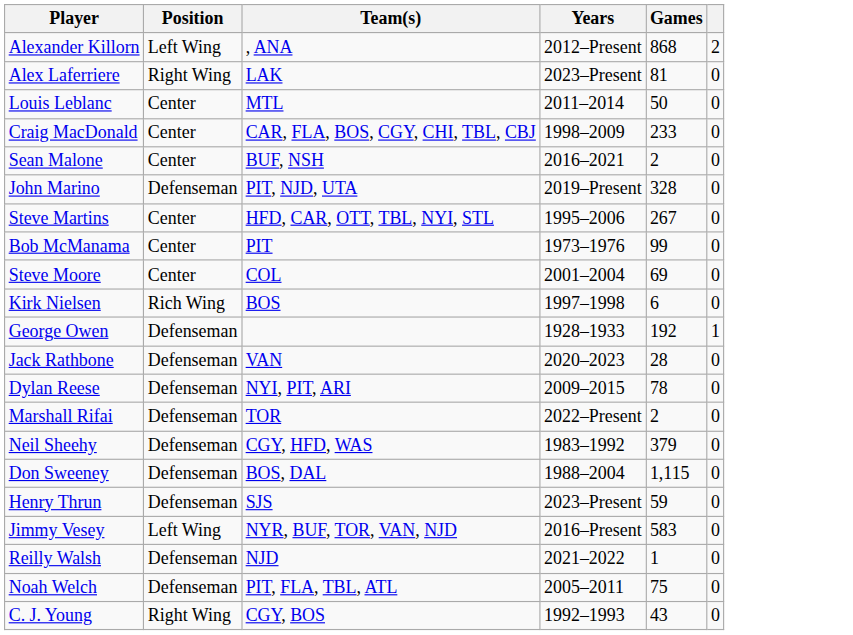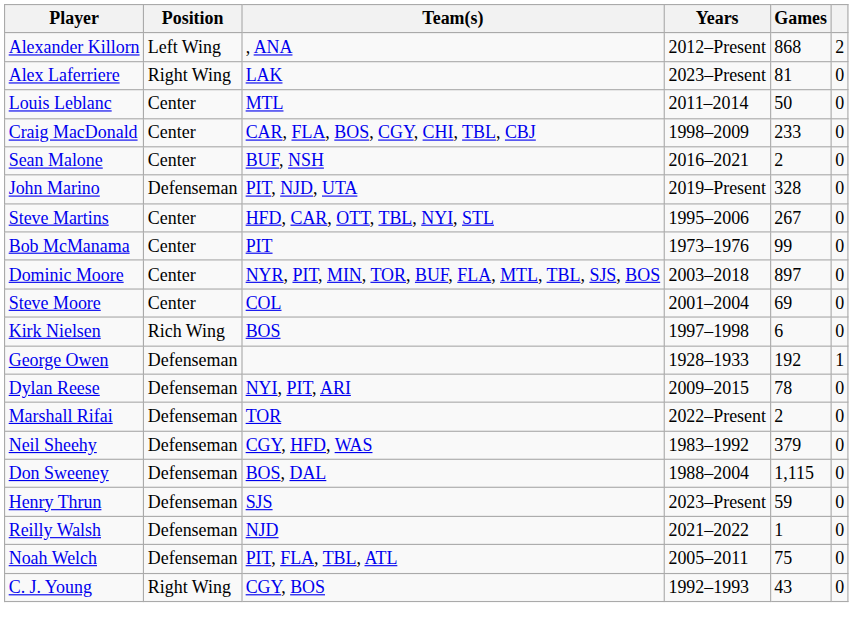 <table class="wikitable">
 <tr>
 <th>Player</th>
 <th>Position</th>
 <th>Team(s)</th>
 <th>Years</th>
 <th>Games</th>
 <th><a href='#'></a></th>
 </tr>
 <tr>
 <td><a href='#'>Alexander Killorn</a></td>
 <td>Left Wing</td>
 <td><span><strong></strong></span>, <a href='#'>ANA</a></td>
 <td>2012–Present</td>
 <td>868</td>
 <td>2</td>
 </tr>
 <tr>
 <td><a href='#'>Alex Laferriere</a></td>
 <td>Right Wing</td>
 <td><a href='#'>LAK</a></td>
 <td>2023–Present</td>
 <td>81</td>
 <td>0</td>
 </tr>
 <tr>
 <td><a href='#'>Louis Leblanc</a></td>
 <td>Center</td>
 <td><a href='#'>MTL</a></td>
 <td>2011–2014</td>
 <td>50</td>
 <td>0</td>
 </tr>
 <tr>
 <td><a href='#'>Craig MacDonald</a></td>
 <td>Center</td>
 <td><a href='#'>CAR</a>, <a href='#'>FLA</a>, <a href='#'>BOS</a>, <a href='#'>CGY</a>, <a href='#'>CHI</a>, <a href='#'>TBL</a>, <a href='#'>CBJ</a></td>
 <td>1998–2009</td>
 <td>233</td>
 <td>0</td>
 </tr>
 <tr>
 <td><a href='#'>Sean Malone</a></td>
 <td>Center</td>
 <td><a href='#'>BUF</a>, <a href='#'>NSH</a></td>
 <td>2016–2021</td>
 <td>2</td>
 <td>0</td>
 </tr>
 <tr>
 <td><a href='#'>John Marino</a></td>
 <td>Defenseman</td>
 <td><a href='#'>PIT</a>, <a href='#'>NJD</a>, <a href='#'>UTA</a></td>
 <td>2019–Present</td>
 <td>328</td>
 <td>0</td>
 </tr>
 <tr>
 <td><a href='#'>Steve Martins</a></td>
 <td>Center</td>
 <td><a href='#'>HFD</a>, <a href='#'>CAR</a>, <a href='#'>OTT</a>, <a href='#'>TBL</a>, <a href='#'>NYI</a>, <a href='#'>STL</a></td>
 <td>1995–2006</td>
 <td>267</td>
 <td>0</td>
 </tr>
 <tr>
 <td><a href='#'>Bob McManama</a></td>
 <td>Center</td>
 <td><a href='#'>PIT</a></td>
 <td>1973–1976</td>
 <td>99</td>
 <td>0</td>
 </tr>
 <tr>
+<td><a href='#'>Dominic Moore</a></td>
+<td>Center</td>
+<td><a href='#'>NYR</a>, <a href='#'>PIT</a>, <a href='#'>MIN</a>, <a href='#'>TOR</a>, <a href='#'>BUF</a>, <a href='#'>FLA</a>, <a href='#'>MTL</a>, <a href='#'>TBL</a>, <a href='#'>SJS</a>, <a href='#'>BOS</a></td>
+<td>2003–2018</td>
+<td>897</td>
+<td>0</td>
+</tr>
+<tr>
 <td><a href='#'>Steve Moore</a></td>
 <td>Center</td>
 <td><a href='#'>COL</a></td>
 <td>2001–2004</td>
 <td>69</td>
 <td>0</td>
 </tr>
 <tr>
 <td><a href='#'>Kirk Nielsen</a></td>
 <td>Rich Wing</td>
 <td><a href='#'>BOS</a></td>
 <td>1997–1998</td>
 <td>6</td>
 <td>0</td>
 </tr>
 <tr>
 <td><a href='#'>George Owen</a></td>
 <td>Defenseman</td>
 <td><span><strong></strong></span></td>
 <td>1928–1933</td>
 <td>192</td>
 <td>1</td>
-</tr>
-<tr>
-<td><a href='#'>Jack Rathbone</a></td>
-<td>Defenseman</td>
-<td><a href='#'>VAN</a></td>
-<td>2020–2023</td>
-<td>28</td>
-<td>0</td>
 </tr>
 <tr>
 <td><a href='#'>Dylan Reese</a></td>
 <td>Defenseman</td>
 <td><a href='#'>NYI</a>, <a href='#'>PIT</a>, <a href='#'>ARI</a></td>
 <td>2009–2015</td>
 <td>78</td>
 <td>0</td>
 </tr>
 <tr>
 <td><a href='#'>Marshall Rifai</a></td>
 <td>Defenseman</td>
 <td><a href='#'>TOR</a></td>
 <td>2022–Present</td>
 <td>2</td>
 <td>0</td>
 </tr>
 <tr>
 <td><a href='#'>Neil Sheehy</a></td>
 <td>Defenseman</td>
 <td><a href='#'>CGY</a>, <a href='#'>HFD</a>, <a href='#'>WAS</a></td>
 <td>1983–1992</td>
 <td>379</td>
 <td>0</td>
 </tr>
 <tr>
 <td><a href='#'>Don Sweeney</a></td>
 <td>Defenseman</td>
 <td><a href='#'>BOS</a>, <a href='#'>DAL</a></td>
 <td>1988–2004</td>
 <td>1,115</td>
 <td>0</td>
 </tr>
 <tr>
 <td><a href='#'>Henry Thrun</a></td>
 <td>Defenseman</td>
 <td><a href='#'>SJS</a></td>
 <td>2023–Present</td>
 <td>59</td>
 <td>0</td>
 </tr>
 <tr>
-<td><a href='#'>Jimmy Vesey</a></td>
-<td>Left Wing</td>
-<td><a href='#'>NYR</a>,  <a href='#'>BUF</a>, <a href='#'>TOR</a>, <a href='#'>VAN</a>, <a href='#'>NJD</a></td>
-<td>2016–Present</td>
-<td>583</td>
-<td>0</td>
-</tr>
-<tr>
 <td><a href='#'>Reilly Walsh</a></td>
 <td>Defenseman</td>
 <td><a href='#'>NJD</a></td>
 <td>2021–2022</td>
 <td>1</td>
 <td>0</td>
 </tr>
 <tr>
 <td><a href='#'>Noah Welch</a></td>
 <td>Defenseman</td>
 <td><a href='#'>PIT</a>, <a href='#'>FLA</a>, <a href='#'>TBL</a>, <a href='#'>ATL</a></td>
 <td>2005–2011</td>
 <td>75</td>
 <td>0</td>
 </tr>
 <tr>
 <td><a href='#'>C. J. Young</a></td>
 <td>Right Wing</td>
 <td><a href='#'>CGY</a>, <a href='#'>BOS</a></td>
 <td>1992–1993</td>
 <td>43</td>
 <td>0</td>
 </tr>
 </table>
